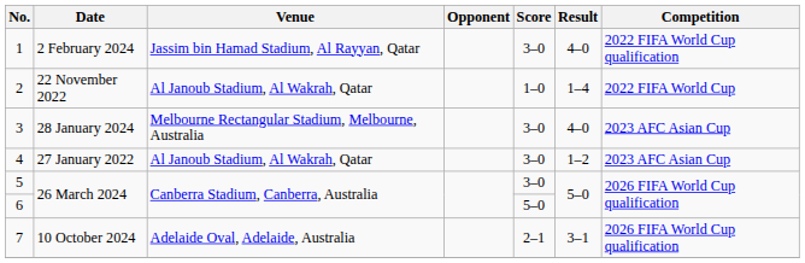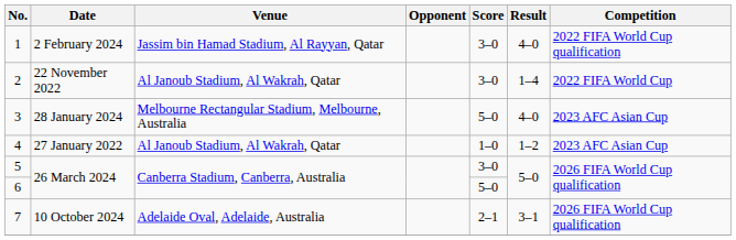 <table class="wikitable sortable">
 <tr>
 <th scope="col">No.</th>
 <th scope="col">Date</th>
 <th scope="col">Venue</th>
 <th scope="col">Opponent</th>
 <th scope="col">Score</th>
 <th scope="col">Result</th>
 <th scope="col">Competition</th>
 </tr>
 <tr>
 <td align="center">1</td>
 <td>2 February 2024</td>
 <td><a href='#'>Jassim bin Hamad Stadium</a>, <a href='#'>Al Rayyan</a>, Qatar</td>
 <td></td>
 <td align="center">3–0</td>
 <td align="center">4–0</td>
 <td><a href='#'>2022 FIFA World Cup qualification</a></td>
 </tr>
 <tr>
 <td align="center">2</td>
 <td>22 November 2022</td>
 <td><a href='#'>Al Janoub Stadium</a>, <a href='#'>Al Wakrah</a>, Qatar</td>
 <td></td>
-<td align="center">1–0</td>
+<td align="center">3–0</td>
 <td align="center">1–4</td>
 <td><a href='#'>2022 FIFA World Cup</a></td>
 </tr>
 <tr>
 <td align="center">3</td>
 <td>28 January 2024</td>
 <td><a href='#'>Melbourne Rectangular Stadium</a>, <a href='#'>Melbourne</a>, Australia</td>
 <td></td>
-<td align="center">3–0</td>
+<td align="center">5–0</td>
 <td align="center">4–0</td>
 <td><a href='#'>2023 AFC Asian Cup</a></td>
 </tr>
 <tr>
 <td align="center">4</td>
 <td>27 January 2022</td>
 <td><a href='#'>Al Janoub Stadium</a>, <a href='#'>Al Wakrah</a>, Qatar</td>
 <td></td>
-<td align="center">3–0</td>
+<td align="center">1–0</td>
 <td align="center">1–2 </td>
 <td><a href='#'>2023 AFC Asian Cup</a></td>
 </tr>
 <tr>
 <td align="center">5</td>
 <td rowspan="2">26 March 2024</td>
 <td rowspan="2"><a href='#'>Canberra Stadium</a>, <a href='#'>Canberra</a>, Australia</td>
 <td rowspan="2"></td>
 <td align="center">3–0</td>
 <td align="center" rowspan="2">5–0</td>
 <td rowspan="2"><a href='#'>2026 FIFA World Cup qualification</a></td>
 </tr>
 <tr>
 <td align="center">6</td>
 <td align="center">5–0</td>
 </tr>
 <tr>
 <td align="center">7</td>
 <td>10 October 2024</td>
 <td><a href='#'>Adelaide Oval</a>, <a href='#'>Adelaide</a>, Australia</td>
 <td></td>
 <td align="center">2–1</td>
 <td align="center">3–1</td>
 <td><a href='#'>2026 FIFA World Cup qualification</a></td>
 </tr>
 <tr>
 </tr>
 </table>
